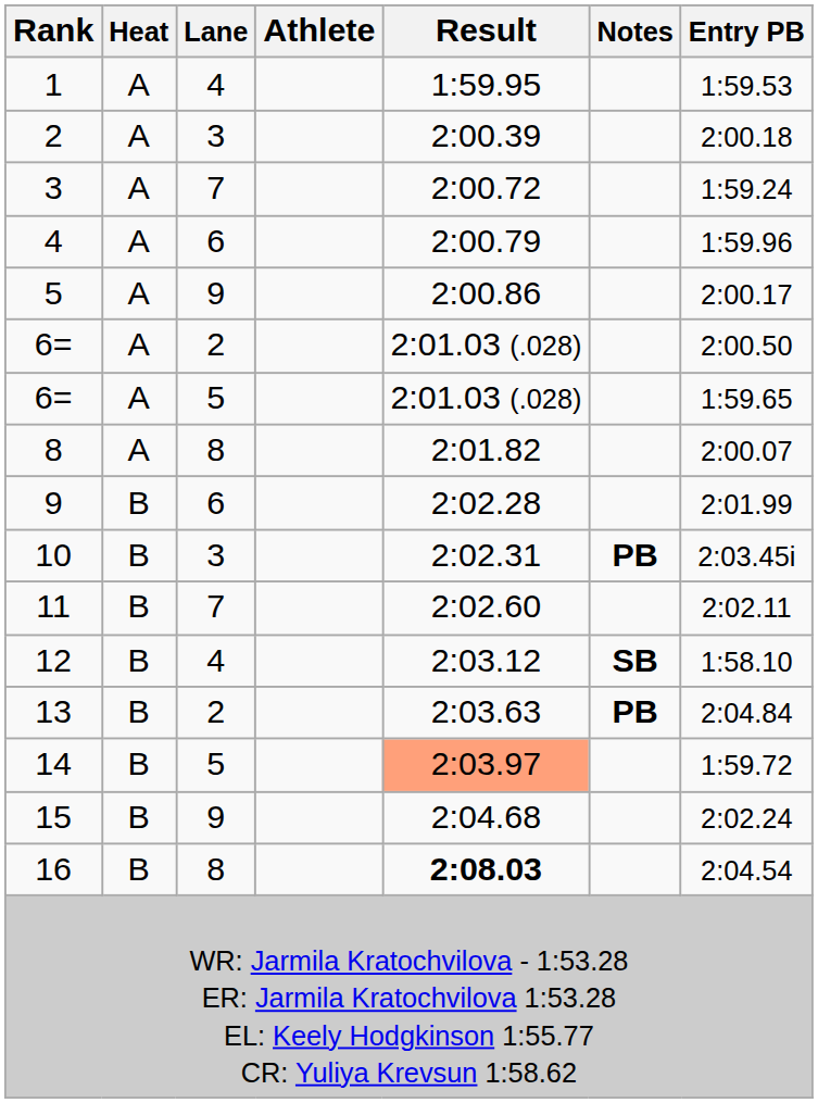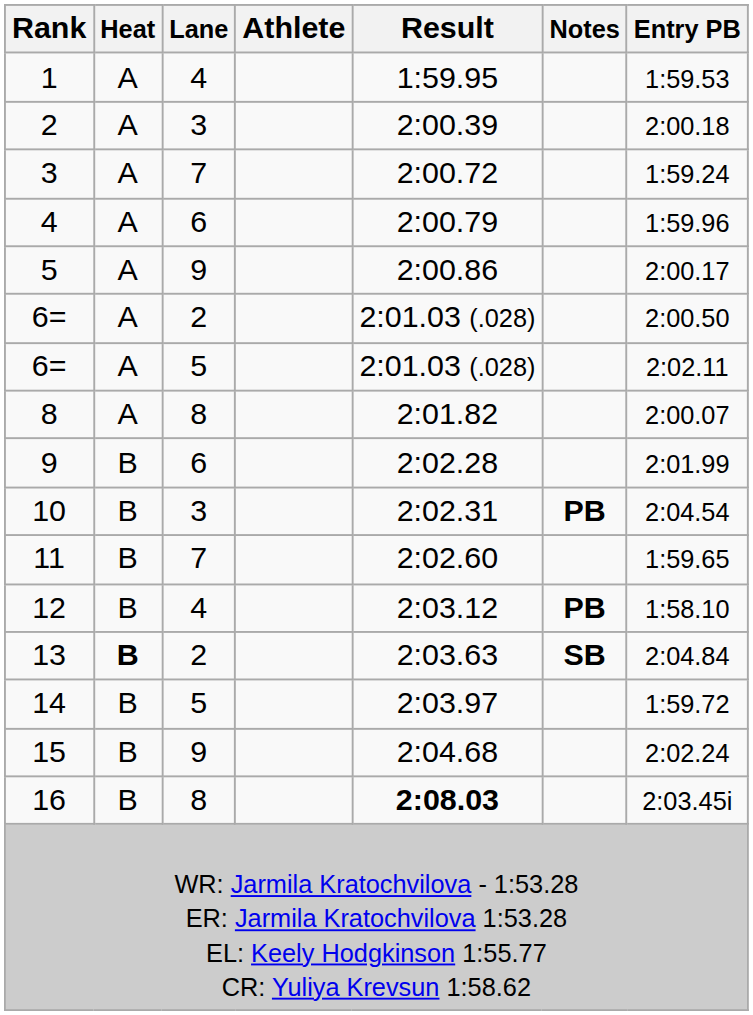 <table class="wikitable sortable" style="text-align:center;">
 <tr>
 <th>Rank</th>
 <th><small>Heat</small></th>
 <th><small>Lane</small></th>
 <th>Athlete</th>
 <th>Result</th>
 <th><small>Notes</small></th>
 <th><small>Entry PB</small></th>
 </tr>
 <tr>
 <td>1</td>
 <td>A</td>
 <td>4</td>
 <td align=left></td>
 <td>1:59.95</td>
 <td></td>
 <td><small>1:59.53</small></td>
 </tr>
 <tr>
 <td>2</td>
 <td>A</td>
 <td>3</td>
 <td align=left></td>
 <td>2:00.39</td>
 <td></td>
 <td><small>2:00.18</small></td>
 </tr>
 <tr>
 <td>3</td>
 <td>A</td>
 <td>7</td>
 <td align=left></td>
 <td>2:00.72</td>
 <td></td>
 <td><small>1:59.24</small></td>
 </tr>
 <tr>
 <td>4</td>
 <td>A</td>
 <td>6</td>
 <td align=left></td>
 <td>2:00.79</td>
 <td></td>
 <td><small>1:59.96</small></td>
 </tr>
 <tr>
 <td>5</td>
 <td>A</td>
 <td>9</td>
 <td align=left></td>
 <td>2:00.86</td>
 <td></td>
 <td><small>2:00.17</small></td>
 </tr>
 <tr>
 <td>6=</td>
 <td>A</td>
 <td>2</td>
 <td align=left></td>
 <td>2:01.03 <small>(.028)</small></td>
 <td></td>
 <td><small>2:00.50</small></td>
 </tr>
 <tr>
 <td>6=</td>
 <td>A</td>
 <td>5</td>
 <td align=left></td>
 <td>2:01.03 <small>(.028)</small></td>
 <td></td>
-<td><small>1:59.65</small></td>
+<td><small>2:02.11</small></td>
 </tr>
 <tr>
 <td>8</td>
 <td>A</td>
 <td>8</td>
 <td align=left></td>
 <td>2:01.82</td>
 <td></td>
 <td><small>2:00.07</small></td>
 </tr>
 <tr>
 <td>9</td>
 <td>B</td>
 <td>6</td>
 <td align=left></td>
 <td>2:02.28</td>
 <td></td>
 <td><small>2:01.99</small></td>
 </tr>
 <tr>
 <td>10</td>
 <td>B</td>
 <td>3</td>
 <td align=left></td>
 <td>2:02.31</td>
 <td><strong>PB</strong></td>
-<td><small>2:03.45i</small></td>
+<td><small>2:04.54</small></td>
 </tr>
 <tr>
 <td>11</td>
 <td>B</td>
 <td>7</td>
 <td align=left></td>
 <td>2:02.60</td>
 <td></td>
-<td><small>2:02.11</small></td>
+<td><small>1:59.65</small></td>
 </tr>
 <tr>
 <td>12</td>
 <td>B</td>
 <td>4</td>
 <td align=left></td>
 <td>2:03.12</td>
-<td><strong>SB</strong></td>
+<td><strong>PB</strong></td>
 <td><small>1:58.10</small></td>
 </tr>
 <tr>
 <td>13</td>
-<td>B</td>
+<td><strong>B</strong></td>
 <td>2</td>
 <td align=left></td>
 <td>2:03.63</td>
-<td><strong>PB</strong></td>
+<td><strong>SB</strong></td>
 <td><small>2:04.84</small></td>
 </tr>
 <tr>
 <td>14</td>
 <td>B</td>
 <td>5</td>
 <td align=left></td>
-<td style="background: lightsalmon;">2:03.97</td>
+<td>2:03.97</td>
 <td></td>
 <td><small>1:59.72</small></td>
 </tr>
 <tr>
 <td>15</td>
 <td>B</td>
 <td>9</td>
 <td align=left></td>
 <td>2:04.68</td>
 <td></td>
 <td><small>2:02.24</small></td>
 </tr>
 <tr>
 <td>16</td>
 <td>B</td>
 <td>8</td>
 <td align=left></td>
 <td><strong>2:08.03</strong></td>
 <td></td>
-<td><small>2:04.54</small></td>
+<td><small>2:03.45i</small></td>
 </tr>
 <tr class="sortbottom">
 <td colspan="7" bgcolor="#cccccc"><br> <small>WR:   <a href='#'>Jarmila Kratochvilova</a> - 1:53.28<br>ER:  <a href='#'>Jarmila Kratochvilova</a> 1:53.28<br></small> <small>EL:   <a href='#'>Keely Hodgkinson</a> 1:55.77<br>CR:  <a href='#'>Yuliya Krevsun</a> 1:58.62</small></td>
 </tr>
 </table>
